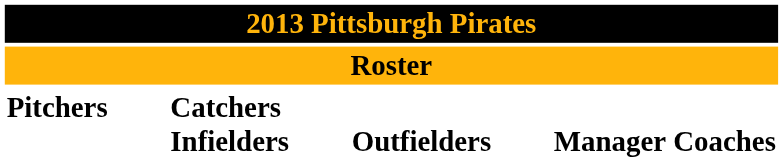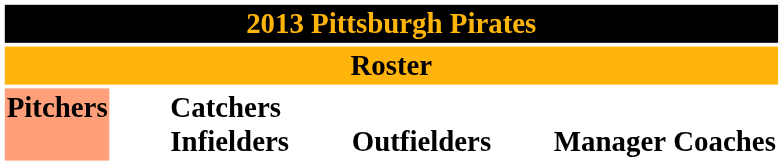 <table class="toccolours" style="font-size: 95%;">
 <tr>
 <th colspan="10" style="background:#000000; color:#FFB40B; text-align:center;">2013 Pittsburgh Pirates</th>
 </tr>
 <tr>
 <td colspan="10" style="background:#FFB40B; color:#000000; text-align:center;"><strong>Roster</strong></td>
 </tr>
 <tr>
-<td valign="top"><strong>Pitchers</strong><br>                          </td>
+<td valign="top" style="background: lightsalmon;"><strong>Pitchers</strong><br>                          </td>
 <td style="width:25px;"></td>
 <td valign="top"><strong>Catchers</strong><br>    <strong>Infielders</strong>          </td>
 <td style="width:25px;"></td>
 <td valign="top"><br><strong>Outfielders</strong>        </td>
 <td style="width:25px;"></td>
 <td valign="top"><br><strong>Manager</strong>  <strong>Coaches</strong>                  </td>
 </tr>
 </table>
